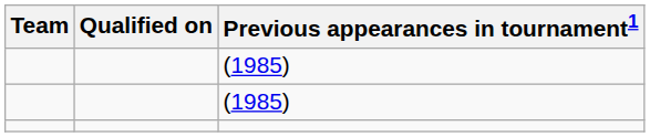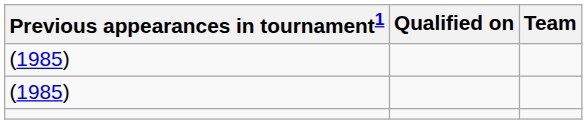 <table class="wikitable sortable" style="text-align: left;">
 <tr>
+<th>Previous appearances in tournament<sup><strong><a href='#'>1</a></strong></sup></th>
+<th>Qualified on</th>
 <th>Team</th>
-<th>Qualified on</th>
-<th>Previous appearances in tournament<sup><strong><a href='#'>1</a></strong></sup></th>
 </tr>
 <tr>
+<td> (<a href='#'>1985</a>)</td>
 <td></td>
 <td></td>
-<td> (<a href='#'>1985</a>)</td>
 </tr>
 <tr>
+<td> (<a href='#'>1985</a>)</td>
 <td></td>
 <td></td>
-<td> (<a href='#'>1985</a>)</td>
 </tr>
 <tr>
 <td></td>
 <td></td>
 <td></td>
 </tr>
 </table>
